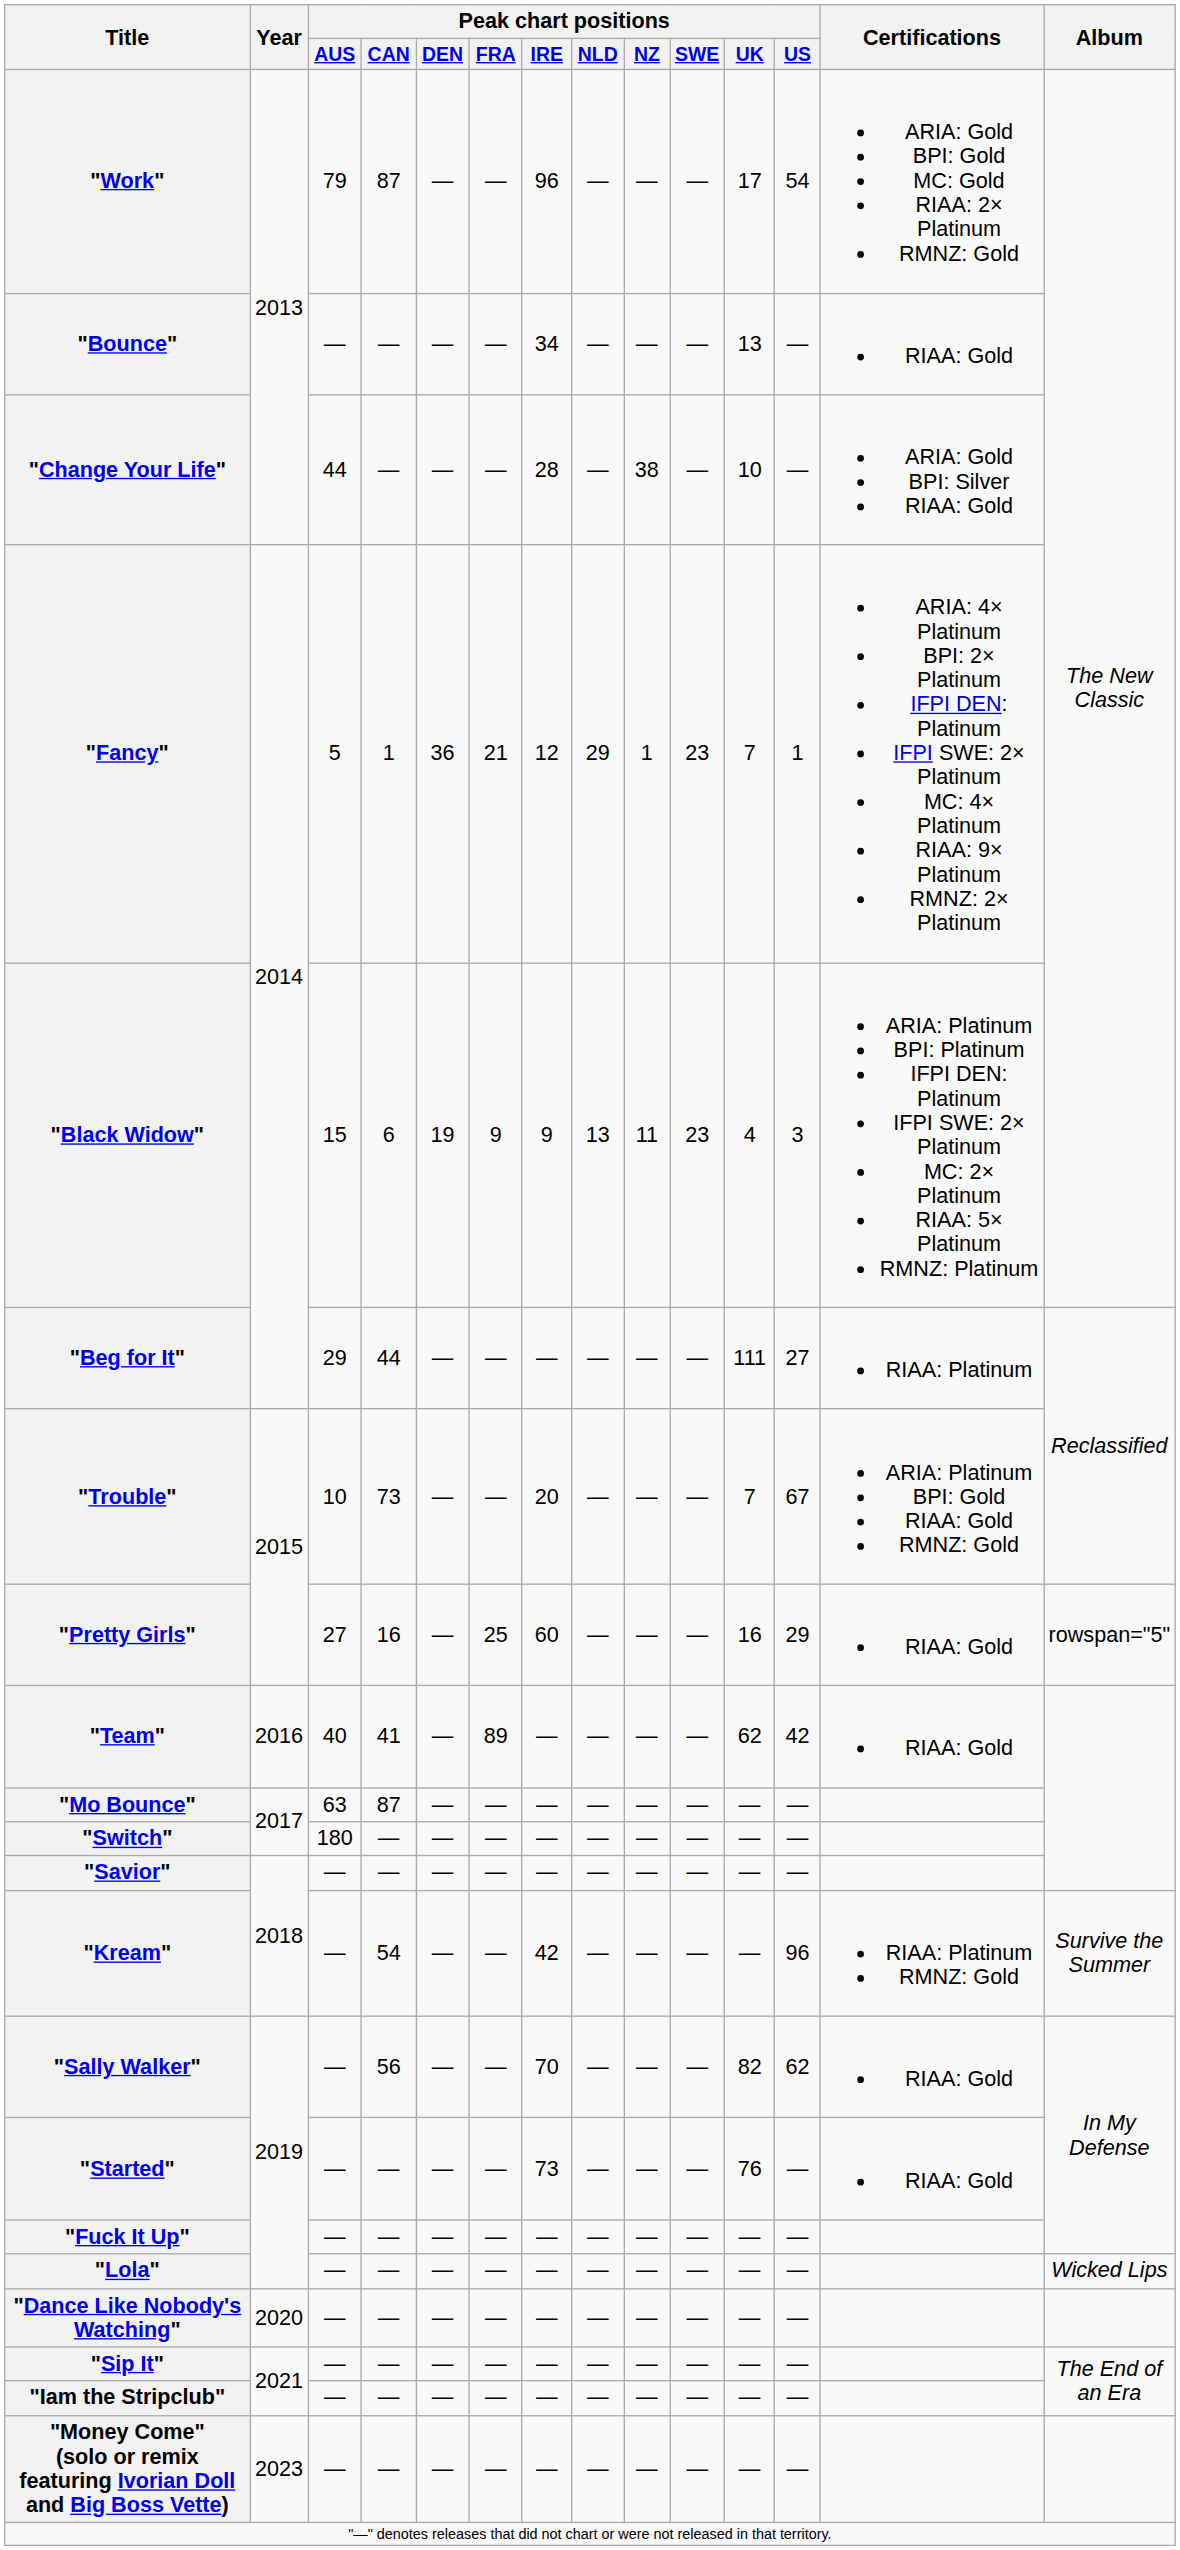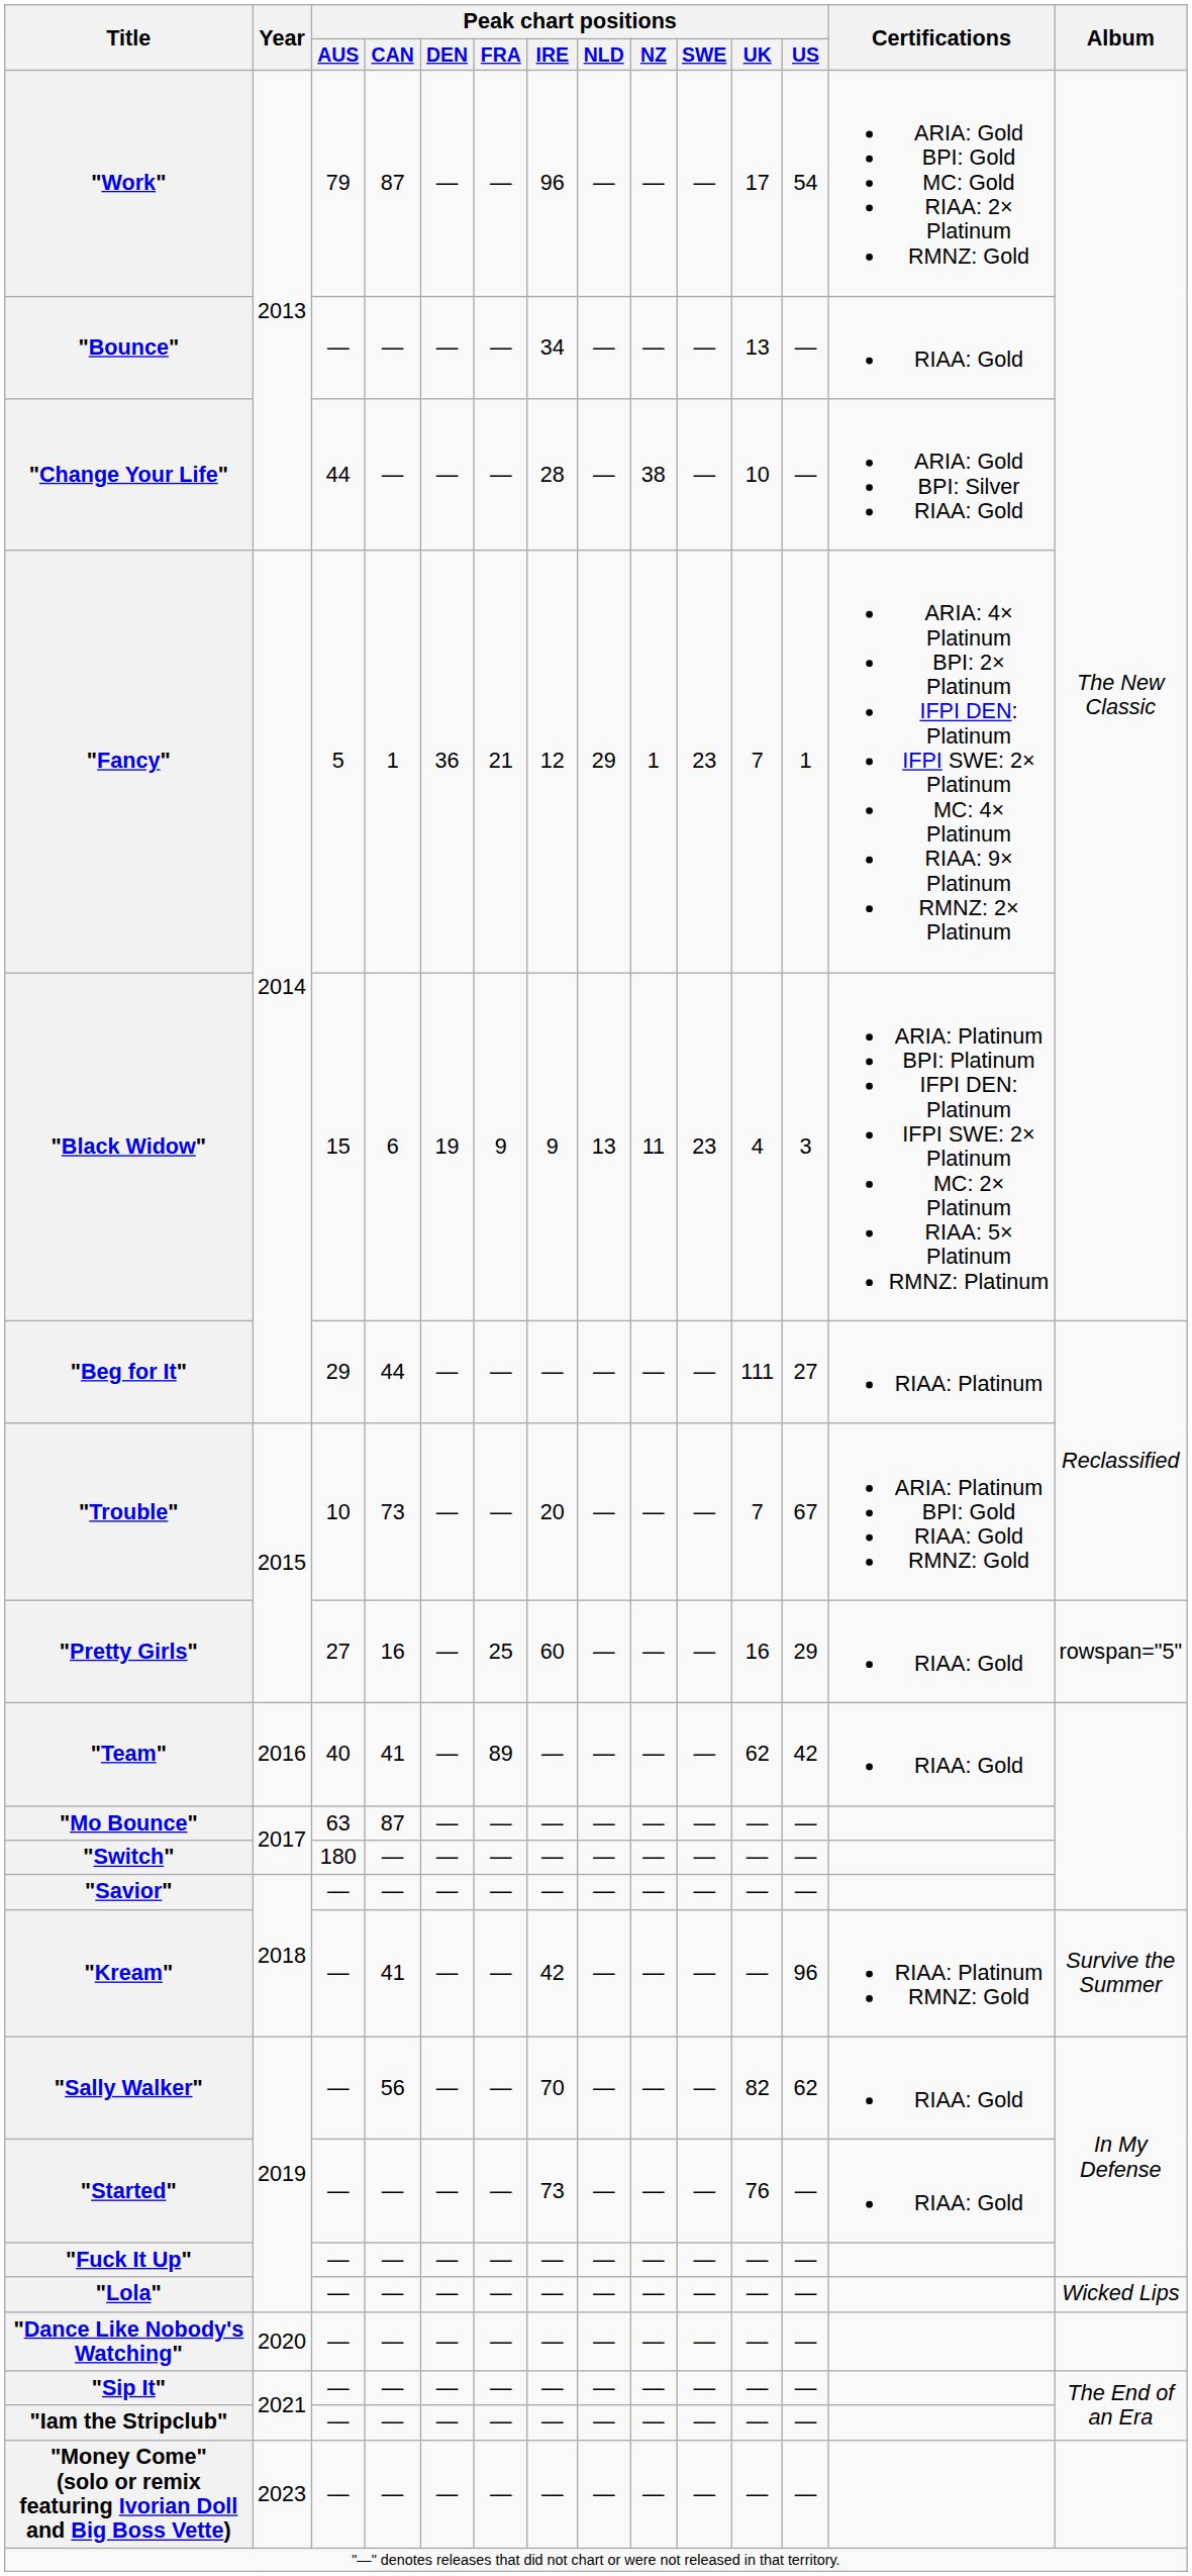 <table class="wikitable plainrowheaders" style="text-align:center;" border="1">
 <tr>
 <th scope="col" rowspan="2" style="width:18em;">Title</th>
 <th scope="col" rowspan="2">Year</th>
 <th scope="col" colspan="10">Peak chart positions</th>
 <th scope="col" rowspan="2" style="width:14em;">Certifications</th>
 <th scope="col" rowspan="2">Album</th>
 </tr>
 <tr>
 <th scope="col" style="width:2.5em;font-size:90%;"><a href='#'>AUS</a><br></th>
 <th scope="col" style="width:2.5em;font-size:90%;"><a href='#'>CAN</a><br></th>
 <th scope="col" style="width:2.5em;font-size:90%;"><a href='#'>DEN</a><br></th>
 <th scope="col" style="width:2.5em;font-size:90%;"><a href='#'>FRA</a><br></th>
 <th scope="col" style="width:2.5em;font-size:90%;"><a href='#'>IRE</a><br></th>
 <th scope="col" style="width:2.5em;font-size:90%;"><a href='#'>NLD</a><br></th>
 <th scope="col" style="width:2.5em;font-size:90%;"><a href='#'>NZ</a><br></th>
 <th scope="col" style="width:2.5em;font-size:90%;"><a href='#'>SWE</a><br></th>
 <th scope="col" style="width:2.5em;font-size:90%;"><a href='#'>UK</a><br></th>
 <th scope="col" style="width:2.5em;font-size:90%;"><a href='#'>US</a><br></th>
 </tr>
 <tr>
 <th scope="row">"<a href='#'>Work</a>"</th>
 <td rowspan="3">2013</td>
 <td>79</td>
 <td>87</td>
 <td>—</td>
 <td>—</td>
 <td>96</td>
 <td>—</td>
 <td>—</td>
 <td>—</td>
 <td>17</td>
 <td>54</td>
 <td><br><ul><li>ARIA: Gold</li><li>BPI: Gold</li><li>MC: Gold</li><li>RIAA: 2× Platinum</li><li>RMNZ: Gold</li></ul></td>
 <td rowspan="5"><em>The New Classic</em></td>
 </tr>
 <tr>
 <th scope="row">"<a href='#'>Bounce</a>"</th>
 <td>—</td>
 <td>—</td>
 <td>—</td>
 <td>—</td>
 <td>34</td>
 <td>—</td>
 <td>—</td>
 <td>—</td>
 <td>13</td>
 <td>—</td>
 <td><br><ul><li>RIAA: Gold</li></ul></td>
 </tr>
 <tr>
 <th scope="row">"<a href='#'>Change Your Life</a>"<br> </th>
 <td>44</td>
 <td>—</td>
 <td>—</td>
 <td>—</td>
 <td>28</td>
 <td>—</td>
 <td>38</td>
 <td>—</td>
 <td>10</td>
 <td>—</td>
 <td><br><ul><li>ARIA: Gold</li><li>BPI: Silver</li><li>RIAA: Gold</li></ul></td>
 </tr>
 <tr>
 <th scope="row">"<a href='#'>Fancy</a>" <br> </th>
 <td rowspan="3">2014</td>
 <td>5</td>
 <td>1</td>
 <td>36</td>
 <td>21</td>
 <td>12</td>
 <td>29</td>
 <td>1</td>
 <td>23</td>
 <td>7</td>
 <td>1</td>
 <td><br><ul><li>ARIA: 4× Platinum</li><li>BPI: 2× Platinum</li><li><a href='#'>IFPI DEN</a>: Platinum</li><li><a href='#'>IFPI</a> SWE: 2× Platinum</li><li>MC: 4× Platinum</li><li>RIAA: 9× Platinum</li><li>RMNZ: 2× Platinum</li></ul></td>
 </tr>
 <tr>
 <th scope="row">"<a href='#'>Black Widow</a>"<br></th>
 <td>15</td>
 <td>6</td>
 <td>19</td>
 <td>9</td>
 <td>9</td>
 <td>13</td>
 <td>11</td>
 <td>23</td>
 <td>4</td>
 <td>3</td>
 <td><br><ul><li>ARIA: Platinum</li><li>BPI: Platinum</li><li>IFPI DEN: Platinum</li><li>IFPI SWE: 2× Platinum</li><li>MC: 2× Platinum</li><li>RIAA: 5× Platinum</li><li>RMNZ: Platinum</li></ul></td>
 </tr>
 <tr>
 <th scope="row">"<a href='#'>Beg for It</a>"<br></th>
 <td>29</td>
 <td>44</td>
 <td>—</td>
 <td>—</td>
 <td>—</td>
 <td>—</td>
 <td>—</td>
 <td>—</td>
 <td>111</td>
 <td>27</td>
 <td><br><ul><li>RIAA: Platinum</li></ul></td>
 <td rowspan="2"><em>Reclassified</em></td>
 </tr>
 <tr>
 <th scope="row">"<a href='#'>Trouble</a>"<br></th>
 <td rowspan="2">2015</td>
 <td>10</td>
 <td>73</td>
 <td>—</td>
 <td>—</td>
 <td>20</td>
 <td>—</td>
 <td>—</td>
 <td>—</td>
 <td>7</td>
 <td>67</td>
 <td><br><ul><li>ARIA: Platinum</li><li>BPI: Gold</li><li>RIAA: Gold</li><li>RMNZ: Gold</li></ul></td>
 </tr>
 <tr>
 <th scope="row">"<a href='#'>Pretty Girls</a>"<br></th>
 <td>27</td>
 <td>16</td>
 <td>—</td>
 <td>25</td>
 <td>60</td>
 <td>—</td>
 <td>—</td>
 <td>—</td>
 <td>16</td>
 <td>29</td>
 <td><br><ul><li>RIAA: Gold</li></ul></td>
 <td>rowspan="5" </td>
 </tr>
 <tr>
 <th scope="row">"<a href='#'>Team</a>"</th>
 <td>2016</td>
 <td>40</td>
 <td>41</td>
 <td>—</td>
 <td>89</td>
 <td>—</td>
 <td>—</td>
 <td>—</td>
 <td>—</td>
 <td>62</td>
 <td>42</td>
 <td><br><ul><li>RIAA: Gold</li></ul></td>
 </tr>
 <tr>
 <th scope="row">"<a href='#'>Mo Bounce</a>"</th>
 <td rowspan="2">2017</td>
 <td>63</td>
 <td>87</td>
 <td>—</td>
 <td>—</td>
 <td>—</td>
 <td>—</td>
 <td>—</td>
 <td>—</td>
 <td>—</td>
 <td>—</td>
 <td></td>
 </tr>
 <tr>
 <th scope="row">"<a href='#'>Switch</a>"<br></th>
 <td>180</td>
 <td>—</td>
 <td>—</td>
 <td>—</td>
 <td>—</td>
 <td>—</td>
 <td>—</td>
 <td>—</td>
 <td>—</td>
 <td —>—</td>
 <td></td>
 </tr>
 <tr>
 <th scope="row">"<a href='#'>Savior</a>"<br></th>
 <td rowspan="2">2018</td>
 <td>—</td>
 <td>—</td>
 <td>—</td>
 <td>—</td>
 <td>—</td>
 <td>—</td>
 <td>—</td>
 <td>—</td>
 <td>—</td>
 <td>—</td>
 <td></td>
 </tr>
 <tr>
 <th scope="row">"<a href='#'>Kream</a>"<br></th>
 <td>—</td>
-<td>54</td>
+<td>41</td>
 <td>—</td>
 <td>—</td>
 <td>42</td>
 <td>—</td>
 <td>—</td>
 <td>—</td>
 <td>—</td>
 <td>96</td>
 <td><br><ul><li>RIAA: Platinum</li><li>RMNZ: Gold</li></ul></td>
 <td><em>Survive the Summer</em></td>
 </tr>
 <tr>
 <th scope="row">"<a href='#'>Sally Walker</a>"</th>
 <td rowspan="4">2019</td>
 <td>—</td>
 <td>56</td>
 <td>—</td>
 <td>—</td>
 <td>70</td>
 <td>—</td>
 <td>—</td>
 <td>—</td>
 <td>82</td>
 <td>62</td>
 <td><br><ul><li>RIAA: Gold</li></ul></td>
 <td rowspan="3"><em>In My Defense</em></td>
 </tr>
 <tr>
 <th scope="row">"<a href='#'>Started</a>"</th>
 <td>—</td>
 <td>—</td>
 <td>—</td>
 <td>—</td>
 <td>73</td>
 <td>—</td>
 <td>—</td>
 <td>—</td>
 <td>76</td>
 <td>—</td>
 <td><br><ul><li>RIAA: Gold</li></ul></td>
 </tr>
 <tr>
 <th scope="row">"<a href='#'>Fuck It Up</a>"<br></th>
 <td>—</td>
 <td>—</td>
 <td>—</td>
 <td>—</td>
 <td>—</td>
 <td>—</td>
 <td>—</td>
 <td>—</td>
 <td>—</td>
 <td>—</td>
 <td></td>
 </tr>
 <tr>
 <th scope="row">"<a href='#'>Lola</a>"<br></th>
 <td>—</td>
 <td>—</td>
 <td>—</td>
 <td>—</td>
 <td>—</td>
 <td>—</td>
 <td>—</td>
 <td>—</td>
 <td>—</td>
 <td>—</td>
 <td></td>
 <td><em>Wicked Lips</em></td>
 </tr>
 <tr>
 <th scope="row">"<a href='#'>Dance Like Nobody's Watching</a>"<br></th>
 <td>2020</td>
 <td>—</td>
 <td>—</td>
 <td>—</td>
 <td>—</td>
 <td>—</td>
 <td>—</td>
 <td>—</td>
 <td>—</td>
 <td>—</td>
 <td —>—</td>
 <td></td>
 <td></td>
 </tr>
 <tr>
 <th scope="row">"<a href='#'>Sip It</a>"<br></th>
 <td rowspan="2">2021</td>
 <td>—</td>
 <td>—</td>
 <td>—</td>
 <td>—</td>
 <td>—</td>
 <td>—</td>
 <td>—</td>
 <td>—</td>
 <td>—</td>
 <td>—</td>
 <td></td>
 <td rowspan="2"><em>The End of an Era</em></td>
 </tr>
 <tr>
 <th scope="row">"Iam the Stripclub"</th>
 <td>—</td>
 <td>—</td>
 <td>—</td>
 <td>—</td>
 <td>—</td>
 <td>—</td>
 <td>—</td>
 <td>—</td>
 <td>—</td>
 <td —>—</td>
 <td></td>
 </tr>
 <tr>
 <th scope="row">"Money Come"<br><span>(solo or remix featuring <a href='#'>Ivorian Doll</a> and <a href='#'>Big Boss Vette</a>)</span></th>
 <td>2023</td>
 <td>—</td>
 <td>—</td>
 <td>—</td>
 <td>—</td>
 <td>—</td>
 <td>—</td>
 <td>—</td>
 <td>—</td>
 <td>—</td>
 <td>—</td>
 <td></td>
 <td></td>
 </tr>
 <tr>
 <td colspan="15" style="font-size:8pt">"—" denotes releases that did not chart or were not released in that territory.</td>
 </tr>
 </table>
